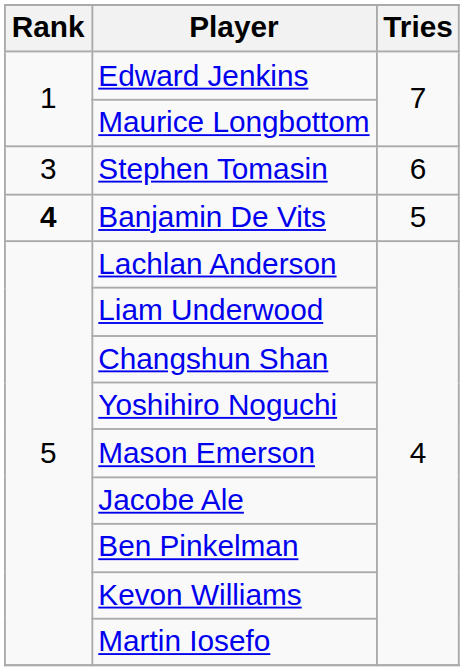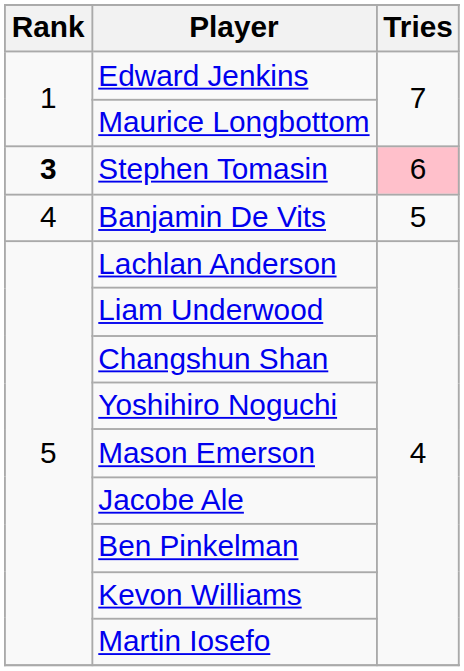 <table class="wikitable sortable">
 <tr>
 </tr>
 <tr>
 <th>Rank</th>
 <th>Player</th>
 <th>Tries</th>
 </tr>
 <tr>
 <td align=center rowspan=2>1</td>
 <td> <a href='#'>Edward Jenkins</a></td>
 <td align=center rowspan=2>7</td>
 </tr>
 <tr>
 <td> <a href='#'>Maurice Longbottom</a></td>
 </tr>
 <tr>
-<td align=center>3</td>
+<td align=center><strong>3</strong></td>
 <td> <a href='#'>Stephen Tomasin</a></td>
-<td align=center>6</td>
+<td align=center style="background: pink;">6</td>
 </tr>
 <tr>
-<td align=center><strong>4</strong></td>
+<td align=center>4</td>
 <td> <a href='#'>Banjamin De Vits</a></td>
 <td align=center>5</td>
 </tr>
 <tr>
 <td align=center rowspan=9>5</td>
 <td> <a href='#'>Lachlan Anderson</a></td>
 <td align=center rowspan=9>4</td>
 </tr>
 <tr>
 <td> <a href='#'>Liam Underwood</a></td>
 </tr>
 <tr>
 <td> <a href='#'>Changshun Shan</a></td>
 </tr>
 <tr>
 <td> <a href='#'>Yoshihiro Noguchi</a></td>
 </tr>
 <tr>
 <td> <a href='#'>Mason Emerson</a></td>
 </tr>
 <tr>
 <td> <a href='#'>Jacobe Ale</a></td>
 </tr>
 <tr>
 <td> <a href='#'>Ben Pinkelman</a></td>
 </tr>
 <tr>
 <td> <a href='#'>Kevon Williams</a></td>
 </tr>
 <tr>
 <td> <a href='#'>Martin Iosefo</a></td>
 </tr>
 <tr>
 </tr>
 </table>
